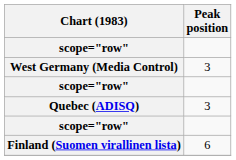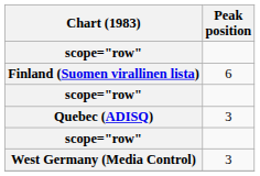 <table class="wikitable sortable plainrowheaders">
 <tr>
 <th>Chart (1983)</th>
 <th>Peak<br>position</th>
 </tr>
 <tr>
 <th>scope="row"</th>
 </tr>
 <tr>
-<th scope="row">West Germany (Media Control)</th>
-<td align="center">3</td>
+<th scope="row">Finland (<a href='#'>Suomen virallinen lista</a>)</th>
+<td align="center">6</td>
 </tr>
 <tr>
 <th>scope="row"</th>
 </tr>
 <tr>
 <th scope="row">Quebec (<a href='#'>ADISQ</a>)</th>
 <td align="center">3</td>
 </tr>
 <tr>
 <th>scope="row"</th>
 </tr>
 <tr>
-<th scope="row">Finland (<a href='#'>Suomen virallinen lista</a>)</th>
-<td align="center">6</td>
+<th scope="row">West Germany (Media Control)</th>
+<td align="center">3</td>
 </tr>
 <tr>
 </tr>
 </table>
